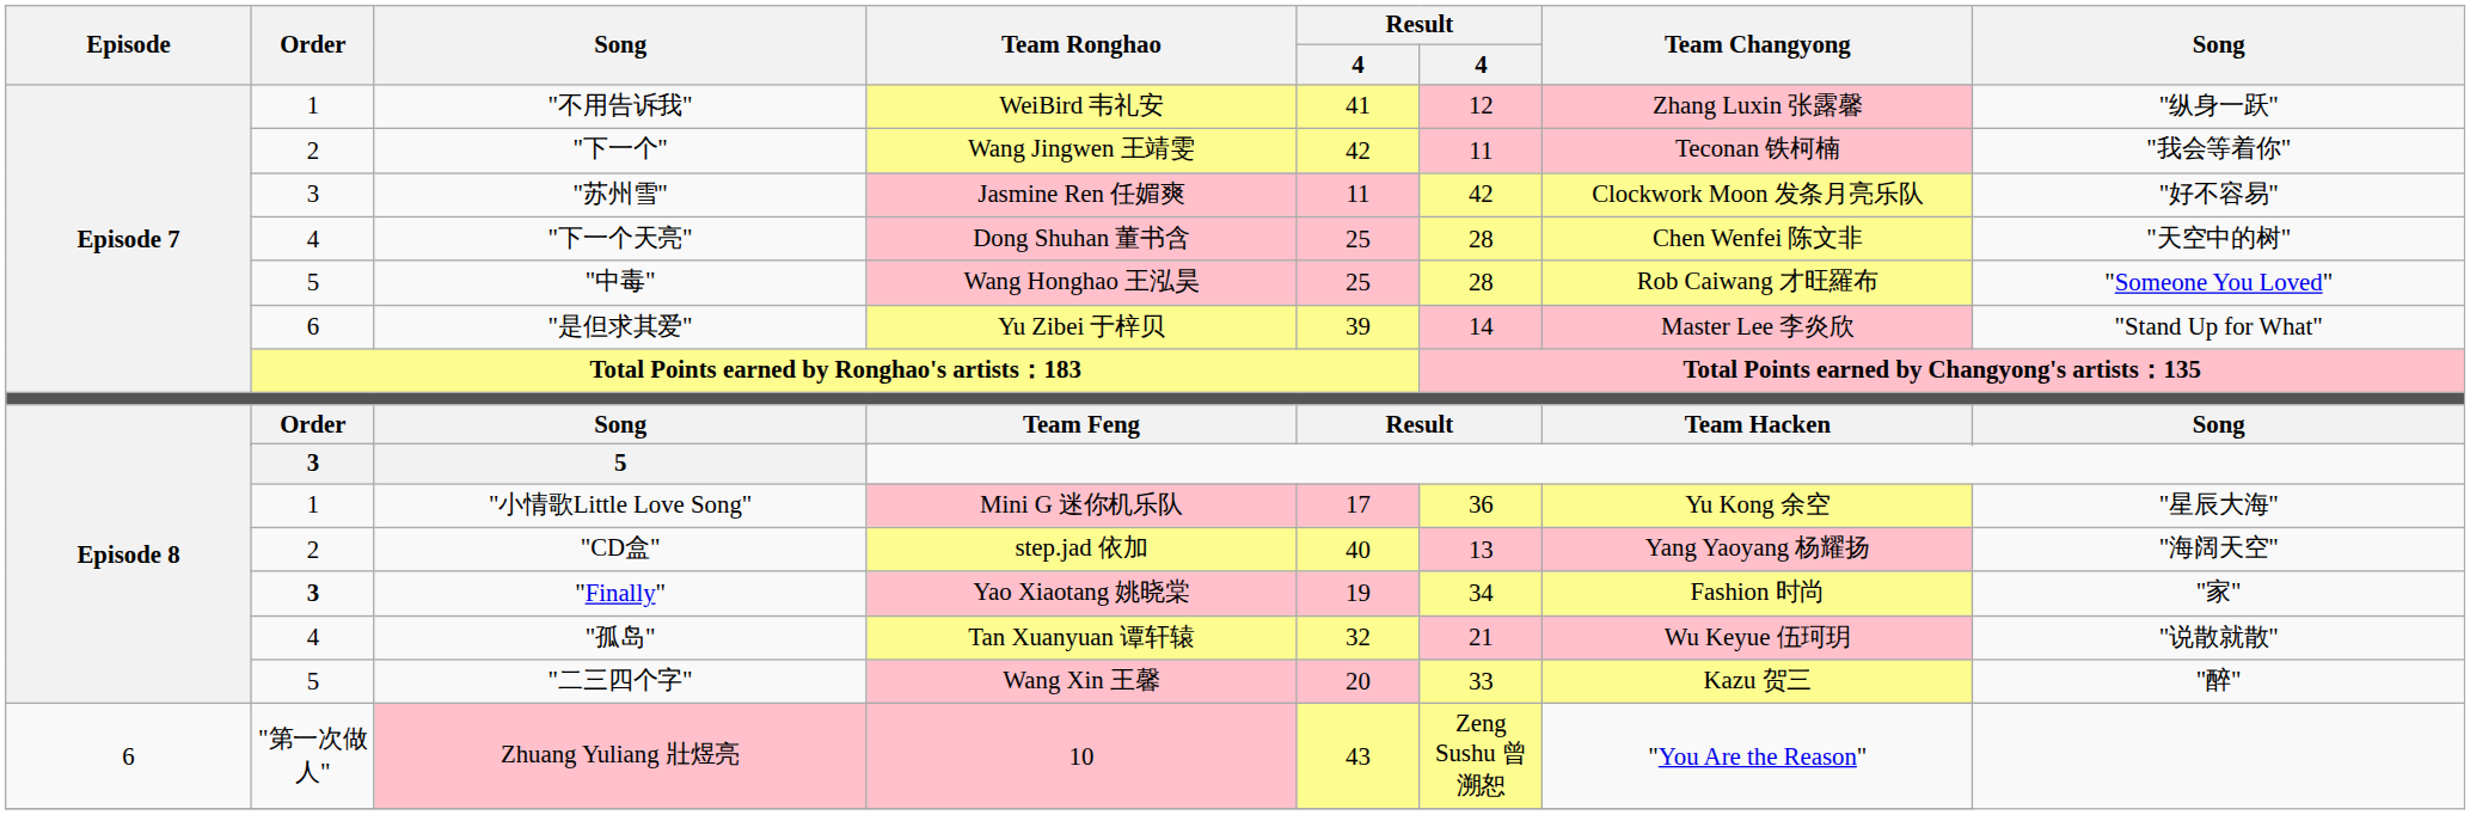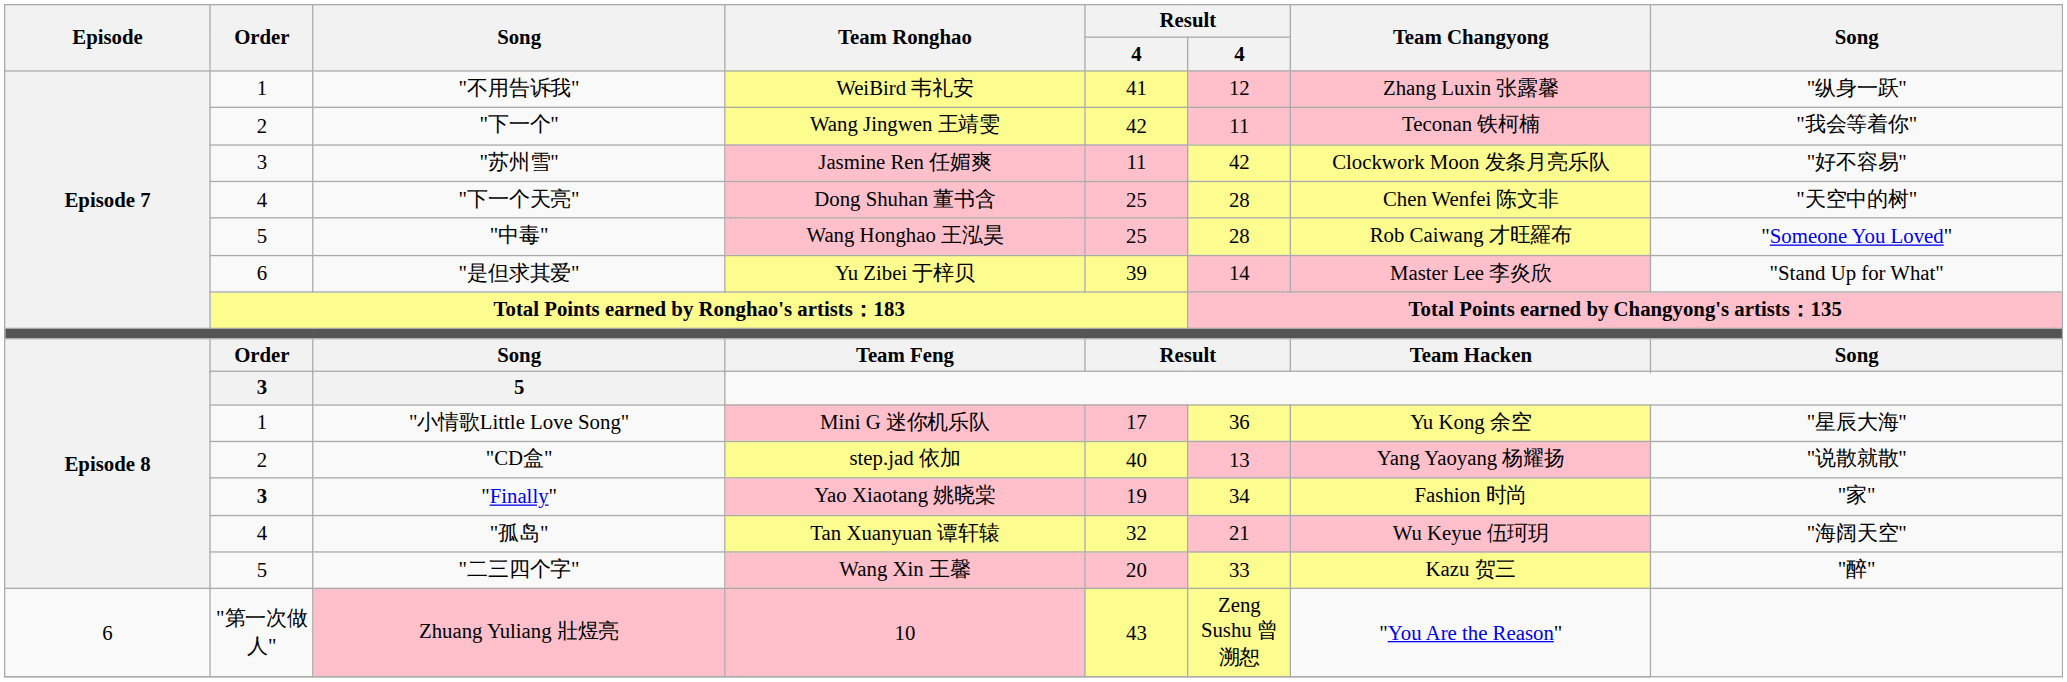 <table class="wikitable" style="text-align: center; width:100%;">
 <tr>
 <th rowspan=2 style="width:10%;">Episode</th>
 <th rowspan=2 style="width:5%;">Order</th>
 <th rowspan=2 style="width:20%;">Song</th>
 <th rowspan=2 style="width:17.5%;">Team Ronghao </th>
 <th colspan=2>Result</th>
 <th rowspan=2 style="width:17.5%;">Team Changyong</th>
 <th rowspan=2 style="width:20%;">Song</th>
 </tr>
 <tr>
 <th>4</th>
 <th>4</th>
 </tr>
 <tr>
 <th rowspan=7>Episode 7<br><small></small></th>
 <td>1</td>
 <td>"不用告诉我"</td>
 <td style="background:#fdfc8f;">WeiBird 韦礼安</td>
 <td style="width:5%; background:#fdfc8f;">41</td>
 <td style="width:5%; background:pink;">12</td>
 <td style="background:pink;">Zhang Luxin 张露馨</td>
 <td>"纵身一跃"</td>
 </tr>
 <tr>
 <td>2</td>
 <td>"下一个"</td>
 <td style="background:#fdfc8f;">Wang Jingwen 王靖雯 <strong></strong></td>
 <td style="width:5%; background:#fdfc8f;">42</td>
 <td style="width:5%; background:pink;">11</td>
 <td style="background:pink;">Teconan 铁柯楠 <strong></strong></td>
 <td>"我会等着你"</td>
 </tr>
 <tr>
 <td>3</td>
 <td>"苏州雪"</td>
 <td style="background:pink;">Jasmine Ren 任媚爽</td>
 <td style="width:5%; background:pink;">11</td>
 <td style="width:5%; background:#fdfc8f;">42</td>
 <td style="background:#fdfc8f;">Clockwork Moon 发条月亮乐队 <strong></strong></td>
 <td>"好不容易"</td>
 </tr>
 <tr>
 <td>4</td>
 <td>"下一个天亮"</td>
 <td style="background:pink;">Dong Shuhan 董书含</td>
 <td style="width:5%; background:pink;">25</td>
 <td style="width:5%; background:#fdfc8f;">28</td>
 <td style="background:#fdfc8f;">Chen Wenfei 陈文非</td>
 <td>"天空中的树"</td>
 </tr>
 <tr>
 <td>5</td>
 <td>"中毒"</td>
 <td style="background:pink;">Wang Honghao 王泓昊</td>
 <td style="width:5%; background:pink;">25</td>
 <td style="width:5%; background:#fdfc8f;">28</td>
 <td style="background:#fdfc8f;">Rob Caiwang 才旺羅布</td>
 <td>"<a href='#'>Someone You Loved</a>"</td>
 </tr>
 <tr>
 <td>6</td>
 <td>"是但求其爱"</td>
 <td style="background:#fdfc8f;">Yu Zibei 于梓贝</td>
 <td style="width:5%; background:#fdfc8f;">39</td>
 <td style="width:5%; background:pink;">14</td>
 <td style="background:pink;">Master Lee 李炎欣</td>
 <td>"Stand Up for What"</td>
 </tr>
 <tr>
 <th style="background:#fdfc8f" colspan="4">Total Points earned by Ronghao's artists：183</th>
 <th style="background:pink" colspan="4">Total Points earned by Changyong's artists：135</th>
 </tr>
 <tr>
 <td colspan="8" style="background:#555;"></td>
 </tr>
 <tr>
 <th rowspan=8>Episode 8<br><small></small></th>
 <th rowspan=2>Order</th>
 <th rowspan=2>Song</th>
 <th rowspan=2>Team Feng</th>
 <th colspan=2>Result</th>
 <th rowspan=2>Team Hacken </th>
 <th rowspan=2>Song</th>
 </tr>
 <tr>
 </tr>
 <tr>
 <th>3</th>
 <th>5</th>
 </tr>
 <tr>
 <td>1</td>
 <td>"小情歌Little Love Song"</td>
 <td style="background:pink;">Mini G 迷你机乐队 <strong></strong></td>
 <td style="width:5%; background:pink;">17</td>
 <td style="width:5%; background:#fdfc8f;">36</td>
 <td style="background:#fdfc8f;">Yu Kong 余空 <strong></strong></td>
 <td>"星辰大海"</td>
 </tr>
 <tr>
 <td>2</td>
 <td>"CD盒"</td>
 <td style="background:#fdfc8f;">step.jad 依加</td>
 <td style="width:5%; background:#fdfc8f;">40</td>
 <td style="width:5%; background:pink;">13</td>
 <td style="background:pink;">Yang Yaoyang 杨耀扬</td>
-<td>"海阔天空"</td>
+<td>"说散就散"</td>
 </tr>
 <tr>
 <td><strong>3</strong></td>
 <td>"<a href='#'>Finally</a>"</td>
 <td style="background:pink;">Yao Xiaotang 姚晓棠</td>
 <td style="width:5%; background:pink;">19</td>
 <td style="width:5%; background:#fdfc8f;">34</td>
 <td style="background:#fdfc8f;">Fashion 时尚</td>
 <td>"家"</td>
 </tr>
 <tr>
 <td>4</td>
 <td>"孤岛"</td>
 <td style="background:#fdfc8f;">Tan Xuanyuan 谭轩辕 <strong></strong></td>
 <td style="width:5%; background:#fdfc8f;">32</td>
 <td style="width:5%; background:pink;">21</td>
 <td style="background:pink;">Wu Keyue 伍珂玥</td>
-<td>"说散就散"</td>
+<td>"海阔天空"</td>
 </tr>
 <tr>
 <td>5</td>
 <td>"二三四个字"</td>
 <td style="background:pink;">Wang Xin 王馨</td>
 <td style="width:5%; background:pink;">20</td>
 <td style="width:5%; background:#fdfc8f;">33</td>
 <td style="background:#fdfc8f;">Kazu 贺三</td>
 <td>"醉"</td>
 </tr>
 <tr>
 <td>6</td>
 <td>"第一次做人"</td>
 <td style="background:pink;">Zhuang Yuliang 壯煜亮</td>
 <td style="width:5%; background:pink;">10</td>
 <td style="width:5%; background:#fdfc8f;">43</td>
 <td style="background:#fdfc8f;">Zeng Sushu 曾溯恕</td>
 <td>"<a href='#'>You Are the Reason</a>"</td>
 </tr>
 <tr>
 </tr>
 </table>
